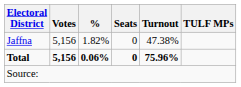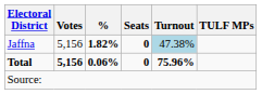 <table class="wikitable" style="text-align:right;">
 <tr>
 <th><a href='#'>Electoral<br>District</a></th>
 <th valign=bottom>Votes</th>
 <th valign=bottom>%</th>
 <th valign=bottom>Seats</th>
 <th valign=bottom>Turnout</th>
 <th valign=bottom>TULF MPs</th>
 </tr>
 <tr>
 <td align=left><a href='#'>Jaffna</a></td>
 <td>5,156</td>
-<td>1.82%</td>
-<td>0</td>
-<td>47.38%</td>
+<td><strong>1.82%</strong></td>
+<td><strong>0</strong></td>
+<td style="background: lightblue;">47.38%</td>
 <td></td>
 </tr>
 <tr>
 <td align=left><strong>Total</strong></td>
 <td><strong>5,156</strong></td>
 <td><strong>0.06%</strong></td>
 <td><strong>0</strong></td>
 <td><strong>75.96%</strong></td>
 <td></td>
 </tr>
 <tr>
 <td align=left colspan=6>Source:<small></small></td>
 </tr>
 </table>
